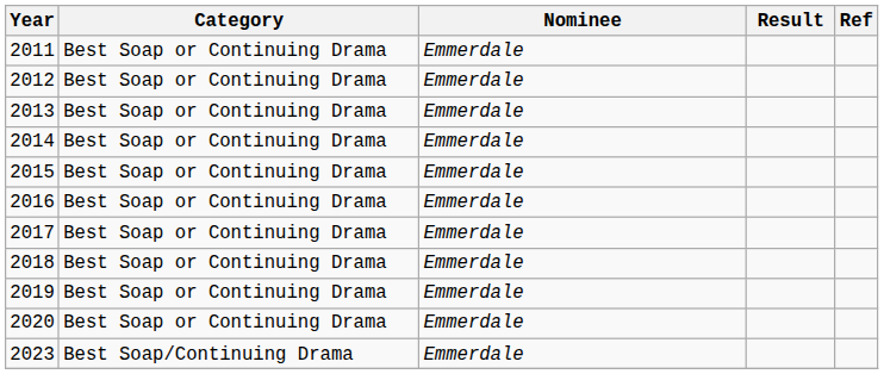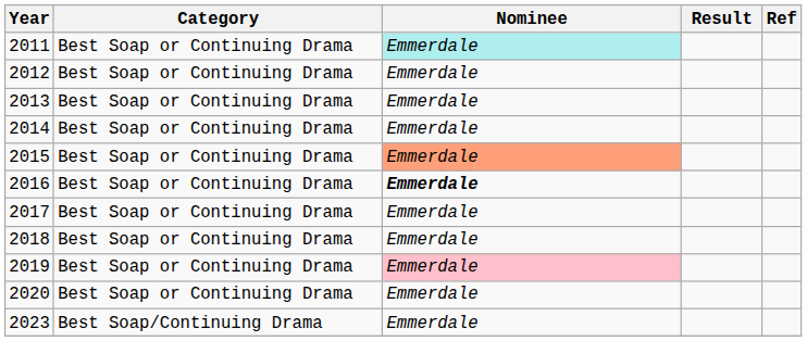 <table class="wikitable">
 <tr>
 <th>Year</th>
 <th width="370">Category</th>
 <th width="370">Nominee</th>
 <th width="65">Result</th>
 <th>Ref</th>
 </tr>
 <tr>
 <td>2011</td>
 <td>Best Soap or Continuing Drama</td>
-<td><em>Emmerdale</em></td>
+<td style="background: paleturquoise;"><em>Emmerdale</em></td>
 <td></td>
 <td align="center"></td>
 </tr>
 <tr>
 <td>2012</td>
 <td>Best Soap or Continuing Drama</td>
 <td><em>Emmerdale</em></td>
 <td></td>
 <td align="center"></td>
 </tr>
 <tr>
 <td>2013</td>
 <td>Best Soap or Continuing Drama</td>
 <td><em>Emmerdale</em></td>
 <td></td>
 <td align="center"></td>
 </tr>
 <tr>
 <td>2014</td>
 <td>Best Soap or Continuing Drama</td>
 <td><em>Emmerdale</em></td>
 <td></td>
 <td align="center"></td>
 </tr>
 <tr>
 <td>2015</td>
 <td>Best Soap or Continuing Drama</td>
-<td><em>Emmerdale</em></td>
+<td style="background: lightsalmon;"><em>Emmerdale</em></td>
 <td></td>
 <td align="center"></td>
 </tr>
 <tr>
 <td>2016</td>
 <td>Best Soap or Continuing Drama</td>
-<td><em>Emmerdale</em></td>
+<td><strong><em>Emmerdale</em></strong></td>
 <td></td>
 <td align="center"></td>
 </tr>
 <tr>
 <td>2017</td>
 <td>Best Soap or Continuing Drama</td>
 <td><em>Emmerdale</em></td>
 <td></td>
 <td align="center"></td>
 </tr>
 <tr>
 <td>2018</td>
 <td>Best Soap or Continuing Drama</td>
 <td><em>Emmerdale</em></td>
 <td></td>
 <td align="center"></td>
 </tr>
 <tr>
 <td>2019</td>
 <td>Best Soap or Continuing Drama</td>
-<td><em>Emmerdale</em></td>
+<td style="background: pink;"><em>Emmerdale</em></td>
 <td></td>
 <td align="center"></td>
 </tr>
 <tr>
 <td>2020</td>
 <td>Best Soap or Continuing Drama</td>
 <td><em>Emmerdale</em></td>
 <td></td>
 <td align="center"></td>
 </tr>
 <tr>
 <td>2023</td>
 <td>Best Soap/Continuing Drama</td>
 <td><em>Emmerdale</em></td>
 <td></td>
 <td align="center"></td>
 </tr>
 <tr>
 </tr>
 </table>
